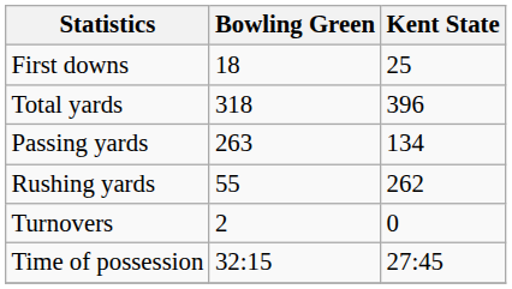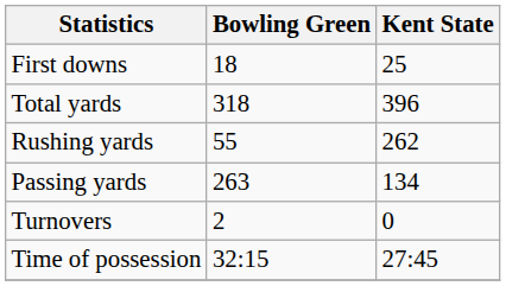 <table class="wikitable">
 <tr>
 <th>Statistics</th>
 <th>Bowling Green</th>
 <th>Kent State</th>
 </tr>
 <tr>
 <td>First downs</td>
 <td>18</td>
 <td>25</td>
 </tr>
 <tr>
 <td>Total yards</td>
 <td>318</td>
 <td>396</td>
 </tr>
 <tr>
+<td>Rushing yards</td>
+<td>55</td>
+<td>262</td>
+</tr>
+<tr>
 <td>Passing yards</td>
 <td>263</td>
 <td>134</td>
-</tr>
-<tr>
-<td>Rushing yards</td>
-<td>55</td>
-<td>262</td>
 </tr>
 <tr>
 <td>Turnovers</td>
 <td>2</td>
 <td>0</td>
 </tr>
 <tr>
 <td>Time of possession</td>
 <td>32:15</td>
 <td>27:45</td>
 </tr>
 <tr>
 </tr>
 </table>
